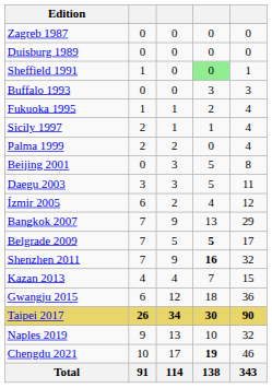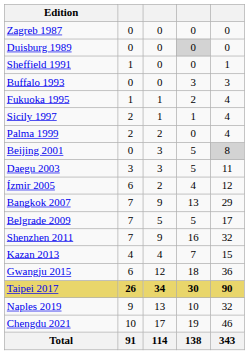 <table class="wikitable" width="40%" style="font-size:100%; text-align:center;">
 <tr>
 <th>Edition</th>
 <th></th>
 <th></th>
 <th></th>
 <th></th>
 </tr>
 <tr>
 <td align="left"> <a href='#'>Zagreb 1987</a></td>
 <td>0</td>
 <td>0</td>
 <td>0</td>
 <td>0</td>
 </tr>
 <tr>
 <td align="left"> <a href='#'>Duisburg 1989</a></td>
 <td>0</td>
 <td>0</td>
-<td>0</td>
+<td style="background: lightgrey;">0</td>
 <td>0</td>
 </tr>
 <tr>
 <td align="left"> <a href='#'>Sheffield 1991</a></td>
 <td>1</td>
 <td>0</td>
-<td style="background: lightgreen;">0</td>
+<td>0</td>
 <td>1</td>
 </tr>
 <tr>
 <td align="left"> <a href='#'>Buffalo 1993</a></td>
 <td>0</td>
 <td>0</td>
 <td>3</td>
 <td>3</td>
 </tr>
 <tr>
 <td align="left"> <a href='#'>Fukuoka 1995</a></td>
 <td>1</td>
 <td>1</td>
 <td>2</td>
 <td>4</td>
 </tr>
 <tr>
 <td align="left"> <a href='#'>Sicily 1997</a></td>
 <td>2</td>
 <td>1</td>
 <td>1</td>
 <td>4</td>
 </tr>
 <tr>
 <td align="left"> <a href='#'>Palma 1999</a></td>
 <td>2</td>
 <td>2</td>
 <td>0</td>
 <td>4</td>
 </tr>
 <tr>
 <td align="left"> <a href='#'>Beijing 2001</a></td>
 <td>0</td>
 <td>3</td>
 <td>5</td>
-<td>8</td>
+<td style="background: lightgrey;">8</td>
 </tr>
 <tr>
 <td align="left"> <a href='#'>Daegu 2003</a></td>
 <td>3</td>
 <td>3</td>
 <td>5</td>
 <td>11</td>
 </tr>
 <tr>
 <td align="left"> <a href='#'>Ízmir 2005</a></td>
 <td>6</td>
 <td>2</td>
 <td>4</td>
 <td>12</td>
 </tr>
 <tr>
 <td align="left"> <a href='#'>Bangkok 2007</a></td>
 <td>7</td>
 <td>9</td>
 <td>13</td>
 <td>29</td>
 </tr>
 <tr>
 <td align="left"> <a href='#'>Belgrade 2009</a></td>
 <td>7</td>
 <td>5</td>
-<td><strong>5</strong></td>
+<td>5</td>
 <td>17</td>
 </tr>
 <tr>
 <td align="left"> <a href='#'>Shenzhen 2011</a></td>
 <td>7</td>
 <td>9</td>
-<td><strong>16</strong></td>
+<td>16</td>
 <td>32</td>
 </tr>
 <tr>
 <td align="left"> <a href='#'>Kazan 2013</a></td>
 <td>4</td>
 <td>4</td>
 <td>7</td>
 <td>15</td>
 </tr>
 <tr>
 <td align="left"> <a href='#'>Gwangju 2015</a></td>
 <td>6</td>
 <td>12</td>
 <td>18</td>
 <td>36</td>
 </tr>
 <tr bgcolor="E9D66B">
 <td align="left"> <a href='#'>Taipei 2017</a></td>
 <td><strong>26</strong></td>
 <td><strong>34</strong></td>
 <td><strong>30</strong></td>
 <td><strong>90</strong></td>
 </tr>
 <tr>
 <td align="left"> <a href='#'>Naples 2019</a></td>
 <td>9</td>
 <td>13</td>
 <td>10</td>
 <td>32</td>
 </tr>
 <tr>
 <td align="left"> <a href='#'>Chengdu 2021</a></td>
 <td>10</td>
 <td>17</td>
-<td><strong>19</strong></td>
+<td>19</td>
 <td>46</td>
 </tr>
 <tr>
 <th>Total</th>
 <th>91</th>
 <th>114</th>
 <th>138</th>
 <th>343</th>
 </tr>
 </table>
